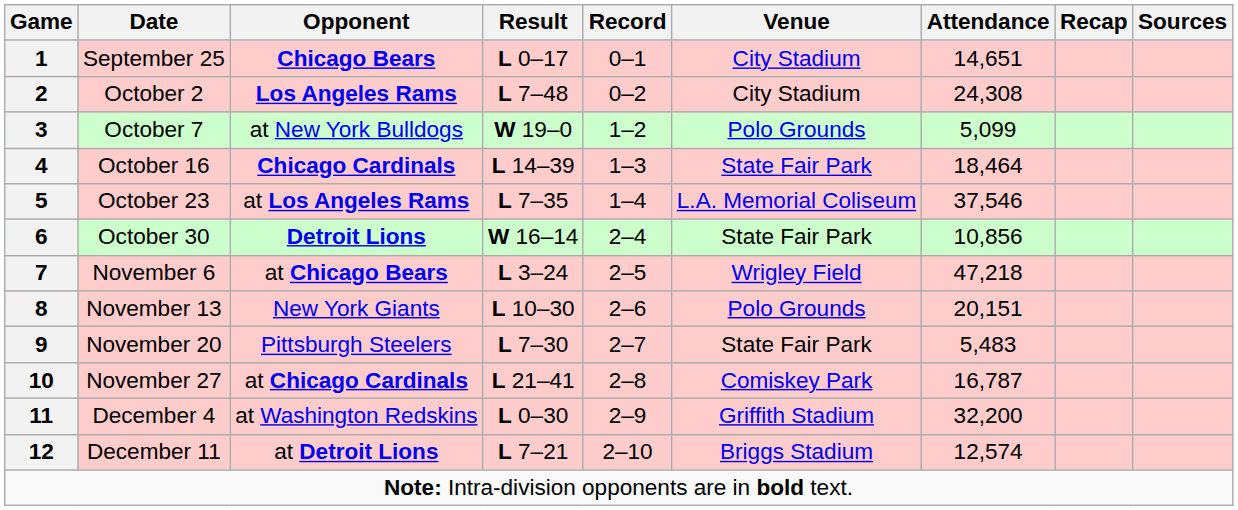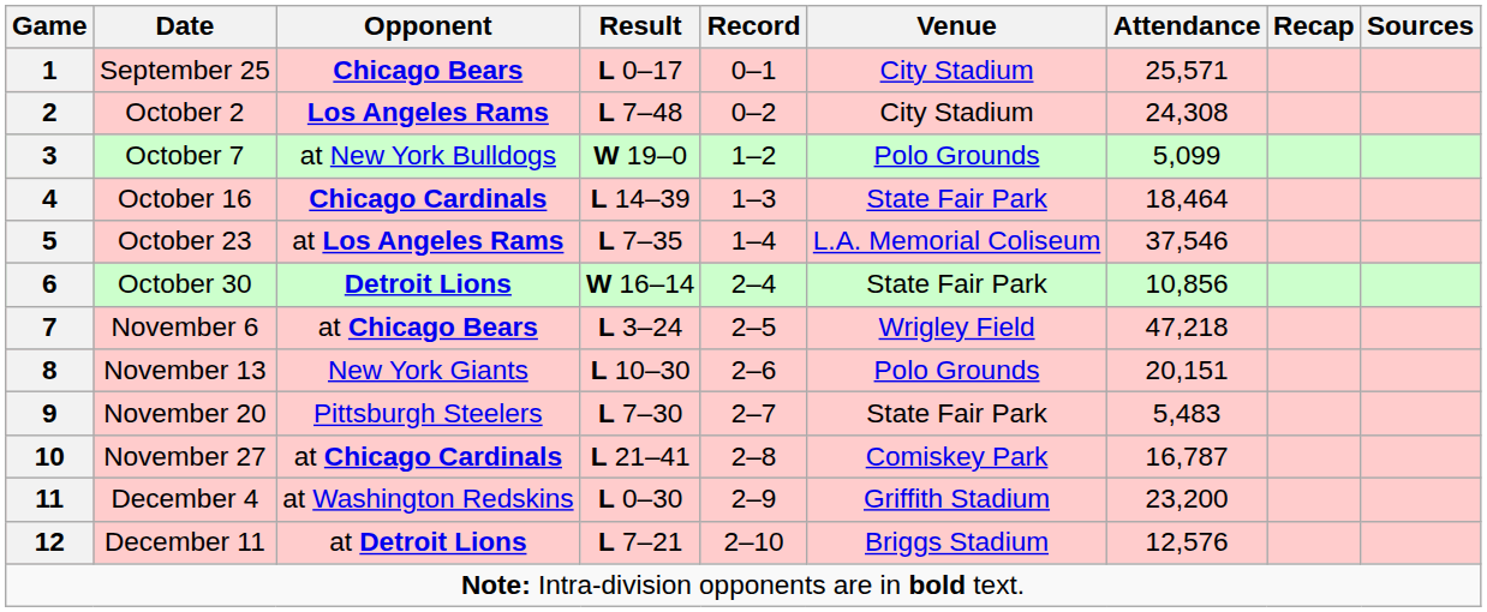 <table class="wikitable" style="text-align:center">
 <tr>
 <th>Game</th>
 <th>Date</th>
 <th>Opponent</th>
 <th>Result</th>
 <th>Record</th>
 <th>Venue</th>
 <th>Attendance</th>
 <th>Recap</th>
 <th>Sources</th>
 </tr>
 <tr style="background:#fcc">
 <th>1</th>
 <td>September 25</td>
 <td><strong><a href='#'>Chicago Bears</a></strong></td>
 <td><strong>L</strong> 0–17</td>
 <td>0–1</td>
 <td><a href='#'>City Stadium</a></td>
-<td>14,651</td>
+<td>25,571</td>
 <td></td>
 <td></td>
 </tr>
 <tr style="background:#fcc">
 <th>2</th>
 <td>October 2</td>
 <td><strong><a href='#'>Los Angeles Rams</a></strong></td>
 <td><strong>L</strong> 7–48</td>
 <td>0–2</td>
 <td>City Stadium</td>
 <td>24,308</td>
 <td></td>
 <td></td>
 </tr>
 <tr style="background:#cfc">
 <th>3</th>
 <td>October 7</td>
 <td>at <a href='#'>New York Bulldogs</a></td>
 <td><strong>W</strong> 19–0</td>
 <td>1–2</td>
 <td><a href='#'>Polo Grounds</a></td>
 <td>5,099</td>
 <td></td>
 <td></td>
 </tr>
 <tr style="background:#fcc">
 <th>4</th>
 <td>October 16</td>
 <td><strong><a href='#'>Chicago Cardinals</a></strong></td>
 <td><strong>L</strong> 14–39</td>
 <td>1–3</td>
 <td><a href='#'>State Fair Park</a></td>
 <td>18,464</td>
 <td></td>
 <td></td>
 </tr>
 <tr style="background:#fcc">
 <th>5</th>
 <td>October 23</td>
 <td>at <strong><a href='#'>Los Angeles Rams</a></strong></td>
 <td><strong>L</strong> 7–35</td>
 <td>1–4</td>
 <td><a href='#'>L.A. Memorial Coliseum</a></td>
 <td>37,546</td>
 <td></td>
 <td></td>
 </tr>
 <tr style="background:#cfc">
 <th>6</th>
 <td>October 30</td>
 <td><strong><a href='#'>Detroit Lions</a></strong></td>
 <td><strong>W</strong> 16–14</td>
 <td>2–4</td>
 <td>State Fair Park</td>
 <td>10,856</td>
 <td></td>
 <td></td>
 </tr>
 <tr style="background:#fcc">
 <th>7</th>
 <td>November 6</td>
 <td>at <strong><a href='#'>Chicago Bears</a></strong></td>
 <td><strong>L</strong> 3–24</td>
 <td>2–5</td>
 <td><a href='#'>Wrigley Field</a></td>
 <td>47,218</td>
 <td></td>
 <td></td>
 </tr>
 <tr style="background:#fcc">
 <th>8</th>
 <td>November 13</td>
 <td><a href='#'>New York Giants</a></td>
 <td><strong>L</strong> 10–30</td>
 <td>2–6</td>
 <td><a href='#'>Polo Grounds</a></td>
 <td>20,151</td>
 <td></td>
 <td></td>
 </tr>
 <tr style="background:#fcc">
 <th>9</th>
 <td>November 20</td>
 <td><a href='#'>Pittsburgh Steelers</a></td>
 <td><strong>L</strong> 7–30</td>
 <td>2–7</td>
 <td>State Fair Park</td>
 <td>5,483</td>
 <td></td>
 <td></td>
 </tr>
 <tr style="background:#fcc">
 <th>10</th>
 <td>November 27</td>
 <td>at <strong><a href='#'>Chicago Cardinals</a></strong></td>
 <td><strong>L</strong> 21–41</td>
 <td>2–8</td>
 <td><a href='#'>Comiskey Park</a></td>
 <td>16,787</td>
 <td></td>
 <td></td>
 </tr>
 <tr style="background:#fcc">
 <th>11</th>
 <td>December 4</td>
 <td>at <a href='#'>Washington Redskins</a></td>
 <td><strong>L</strong> 0–30</td>
 <td>2–9</td>
 <td><a href='#'>Griffith Stadium</a></td>
-<td>32,200</td>
+<td>23,200</td>
 <td></td>
 <td></td>
 </tr>
 <tr style="background:#fcc">
 <th>12</th>
 <td>December 11</td>
 <td>at <strong><a href='#'>Detroit Lions</a></strong></td>
 <td><strong>L</strong> 7–21</td>
 <td>2–10</td>
 <td><a href='#'>Briggs Stadium</a></td>
-<td>12,574</td>
+<td>12,576</td>
 <td></td>
 <td></td>
 </tr>
 <tr>
 <td colspan="10"><strong>Note:</strong> Intra-division opponents are in <strong>bold</strong> text.</td>
 </tr>
 </table>
